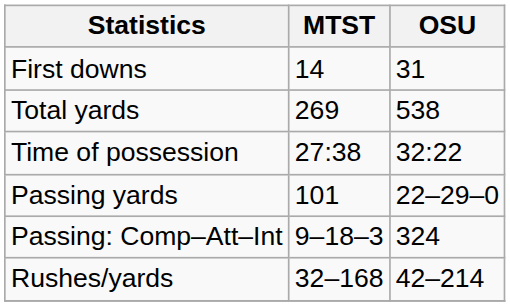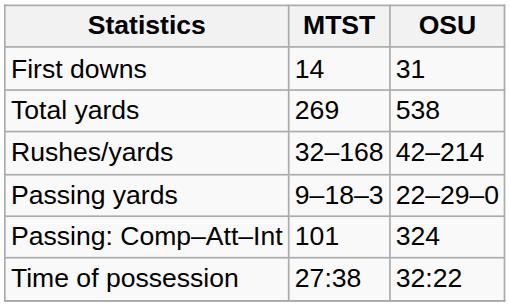 <table class="wikitable" style="float: left;">
 <tr>
 <th>Statistics</th>
 <th>MTST</th>
 <th>OSU</th>
 </tr>
 <tr>
 <td>First downs</td>
 <td>14</td>
 <td>31</td>
 </tr>
 <tr>
 <td>Total yards</td>
 <td>269</td>
 <td>538</td>
 </tr>
 <tr>
+<td>Rushes/yards</td>
+<td>32–168</td>
+<td>42–214</td>
+</tr>
+<tr>
+<td>Passing yards</td>
+<td>9–18–3</td>
+<td>22–29–0</td>
+</tr>
+<tr>
+<td>Passing: Comp–Att–Int</td>
+<td>101</td>
+<td>324</td>
+</tr>
+<tr>
 <td>Time of possession</td>
 <td>27:38</td>
 <td>32:22</td>
 </tr>
 <tr>
-<td>Passing yards</td>
-<td>101</td>
-<td>22–29–0</td>
-</tr>
-<tr>
-<td>Passing: Comp–Att–Int</td>
-<td>9–18–3</td>
-<td>324</td>
-</tr>
-<tr>
-<td>Rushes/yards</td>
-<td>32–168</td>
-<td>42–214</td>
-</tr>
-<tr>
 </tr>
 </table>
